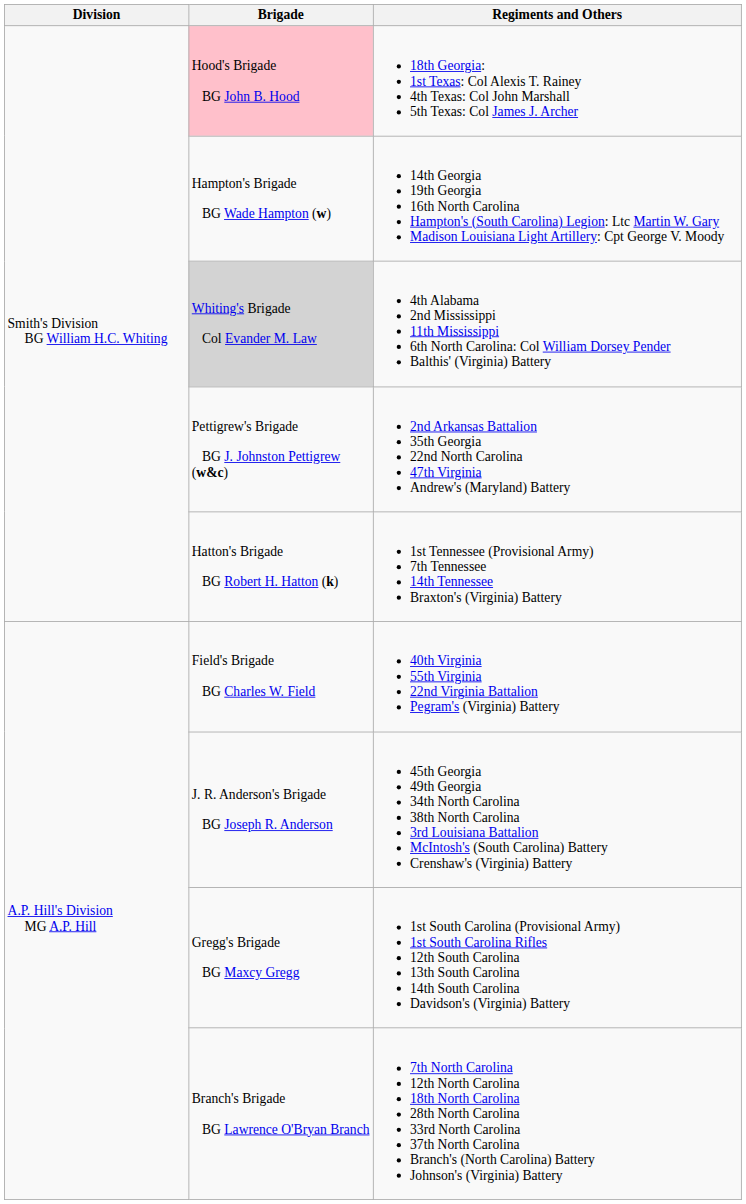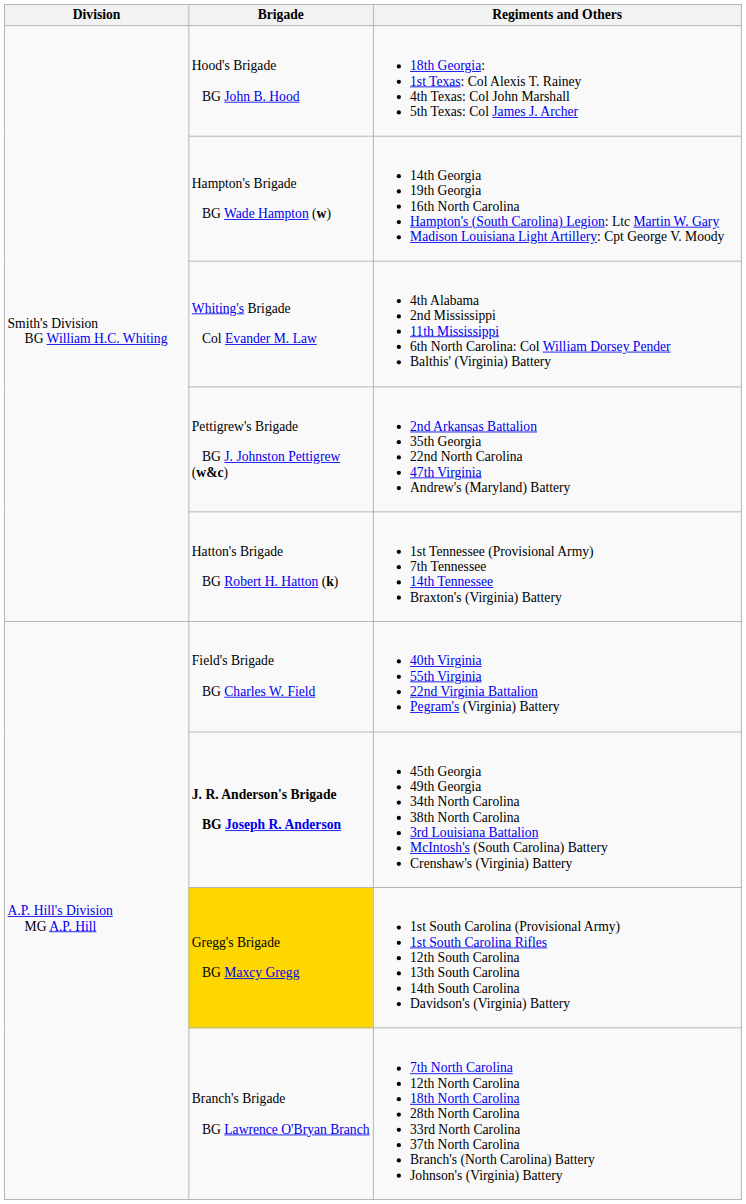 <table class="wikitable">
 <tr>
 <th width=25%>Division</th>
 <th width=25%>Brigade</th>
 <th>Regiments and Others</th>
 </tr>
 <tr>
 <td rowspan=5><br>Smith's Division <br>     BG <a href='#'>William H.C. Whiting</a></td>
-<td style="background: pink;">Hood's Brigade<br><br>   BG <a href='#'>John B. Hood</a></td>
+<td>Hood's Brigade<br><br>   BG <a href='#'>John B. Hood</a></td>
 <td><br><ul><li><a href='#'>18th Georgia</a>:</li><li><a href='#'>1st Texas</a>: Col Alexis T. Rainey</li><li>4th Texas: Col John Marshall</li><li>5th Texas: Col <a href='#'>James J. Archer</a></li></ul></td>
 </tr>
 <tr>
 <td>Hampton's Brigade<br><br>   BG <a href='#'>Wade Hampton</a> (<strong>w</strong>)</td>
 <td><br><ul><li>14th Georgia</li><li>19th Georgia</li><li>16th North Carolina</li><li><a href='#'>Hampton's (South Carolina) Legion</a>: Ltc <a href='#'>Martin W. Gary</a></li><li><a href='#'>Madison Louisiana Light Artillery</a>: Cpt George V. Moody</li></ul></td>
 </tr>
 <tr>
-<td style="background: lightgrey;"><a href='#'>Whiting's</a> Brigade<br><br>   Col <a href='#'>Evander M. Law</a></td>
+<td><a href='#'>Whiting's</a> Brigade<br><br>   Col <a href='#'>Evander M. Law</a></td>
 <td><br><ul><li>4th Alabama</li><li>2nd Mississippi</li><li><a href='#'>11th Mississippi</a></li><li>6th North Carolina: Col <a href='#'>William Dorsey Pender</a></li><li>Balthis' (Virginia) Battery</li></ul></td>
 </tr>
 <tr>
 <td>Pettigrew's Brigade<br><br>   BG <a href='#'>J. Johnston Pettigrew</a> (<strong>w&c</strong>)</td>
 <td><br><ul><li><a href='#'>2nd Arkansas Battalion</a></li><li>35th Georgia</li><li>22nd North Carolina</li><li><a href='#'>47th Virginia</a></li><li>Andrew's (Maryland) Battery</li></ul></td>
 </tr>
 <tr>
 <td>Hatton's Brigade<br><br>   BG <a href='#'>Robert H. Hatton</a> (<strong>k</strong>)</td>
 <td><br><ul><li>1st Tennessee (Provisional Army)</li><li>7th Tennessee</li><li><a href='#'>14th Tennessee</a></li><li>Braxton's (Virginia) Battery</li></ul></td>
 </tr>
 <tr>
 <td rowspan=4><br><a href='#'>A.P. Hill's Division</a> <br>     MG <a href='#'>A.P. Hill</a></td>
 <td>Field's Brigade<br><br>   BG <a href='#'>Charles W. Field</a></td>
 <td><br><ul><li><a href='#'>40th Virginia</a></li><li><a href='#'>55th Virginia</a></li><li><a href='#'>22nd Virginia Battalion</a></li><li><a href='#'>Pegram's</a> (Virginia) Battery</li></ul></td>
 </tr>
 <tr>
-<td>J. R. Anderson's Brigade<br><br>   BG <a href='#'>Joseph R. Anderson</a></td>
+<td><strong>J. R. Anderson's Brigade<br><br>   BG <a href='#'>Joseph R. Anderson</a></strong></td>
 <td><br><ul><li>45th Georgia</li><li>49th Georgia</li><li>34th North Carolina</li><li>38th North Carolina</li><li><a href='#'>3rd Louisiana Battalion</a></li><li><a href='#'>McIntosh's</a> (South Carolina) Battery</li><li>Crenshaw's (Virginia) Battery</li></ul></td>
 </tr>
 <tr>
-<td>Gregg's Brigade<br><br>   BG <a href='#'>Maxcy Gregg</a></td>
+<td style="background: gold;">Gregg's Brigade<br><br>   BG <a href='#'>Maxcy Gregg</a></td>
 <td><br><ul><li>1st South Carolina (Provisional Army)</li><li><a href='#'>1st South Carolina Rifles</a></li><li>12th South Carolina</li><li>13th South Carolina</li><li>14th South Carolina</li><li>Davidson's (Virginia) Battery</li></ul></td>
 </tr>
 <tr>
 <td>Branch's Brigade<br><br>   BG <a href='#'>Lawrence O'Bryan Branch</a></td>
 <td><br><ul><li><a href='#'>7th North Carolina</a></li><li>12th North Carolina</li><li><a href='#'>18th North Carolina</a></li><li>28th North Carolina</li><li>33rd North Carolina</li><li>37th North Carolina</li><li>Branch's (North Carolina) Battery</li><li>Johnson's (Virginia) Battery</li></ul></td>
 </tr>
 </table>
